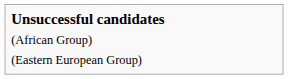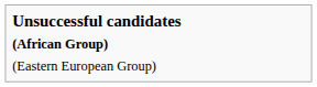 <table class="infobox" style="width:300px;">
 <tr>
 <td><strong>Unsuccessful candidates</strong></td>
 </tr>
 <tr>
-<td> <small>(African Group)</small></td>
+<td><strong> <small>(African Group)</small></strong></td>
 </tr>
 <tr>
 <td> <small>(Eastern European Group)</small></td>
 </tr>
 </table>
